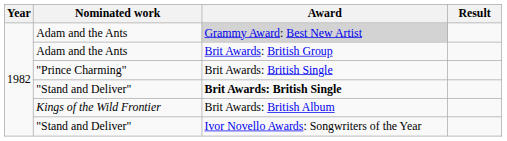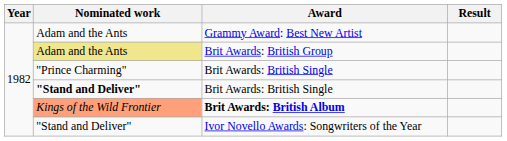 <table class="wikitable">
 <tr>
 <th>Year</th>
 <th style="width:220px;">Nominated work</th>
 <th style="width:325px;">Award</th>
 <th width="65">Result</th>
 </tr>
 <tr>
 <td rowspan="6">1982</td>
 <td>Adam and the Ants</td>
-<td style="background: lightgrey;"><a href='#'>Grammy Award</a>: <a href='#'>Best New Artist</a></td>
+<td><a href='#'>Grammy Award</a>: <a href='#'>Best New Artist</a></td>
 <td></td>
 </tr>
 <tr>
-<td>Adam and the Ants</td>
+<td style="background: khaki;">Adam and the Ants</td>
 <td><a href='#'>Brit Awards</a>: <a href='#'>British Group</a></td>
 <td></td>
 </tr>
 <tr>
 <td>"Prince Charming"</td>
 <td>Brit Awards: <a href='#'>British Single</a></td>
 <td></td>
 </tr>
 <tr>
-<td>"Stand and Deliver"</td>
-<td><strong>Brit Awards: British Single</strong></td>
+<td><strong>"Stand and Deliver"</strong></td>
+<td>Brit Awards: British Single</td>
 <td></td>
 </tr>
 <tr>
-<td><em>Kings of the Wild Frontier</em></td>
-<td>Brit Awards: <a href='#'>British Album</a></td>
+<td style="background: lightsalmon;"><em>Kings of the Wild Frontier</em></td>
+<td><strong>Brit Awards: <a href='#'>British Album</a></strong></td>
 <td></td>
 </tr>
 <tr>
 <td>"Stand and Deliver"</td>
 <td><a href='#'>Ivor Novello Awards</a>: Songwriters of the Year</td>
 <td></td>
 </tr>
 </table>
